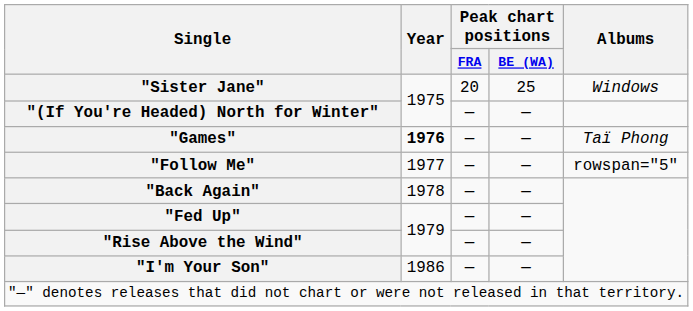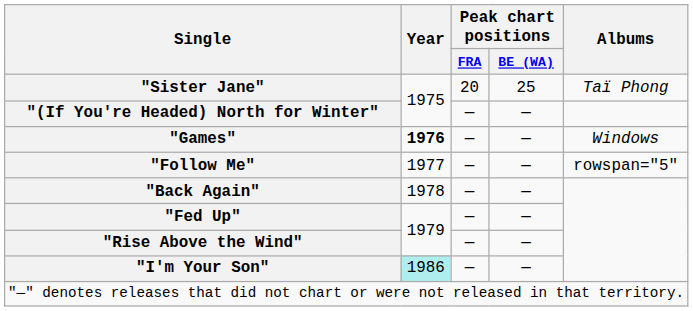 <table class="wikitable plainrowheaders" style="text-align:center;">
 <tr>
 <th rowspan="2">Single</th>
 <th rowspan="2">Year</th>
 <th colspan="2">Peak chart<br>positions</th>
 <th rowspan="2">Albums</th>
 </tr>
 <tr>
 <th><small><a href='#'>FRA</a></small><br></th>
 <th><small><a href='#'>BE (WA)</a></small><br></th>
 </tr>
 <tr>
 <th scope="row">"Sister Jane"</th>
 <td rowspan="2">1975</td>
 <td>20</td>
 <td>25</td>
-<td><em>Windows</em></td>
+<td><em>Taï Phong</em></td>
 </tr>
 <tr>
 <th scope="row">"(If You're Headed) North for Winter"</th>
 <td>—</td>
 <td>—</td>
 <td></td>
 </tr>
 <tr>
 <th scope="row">"Games"</th>
 <td><strong>1976</strong></td>
 <td>—</td>
 <td>—</td>
-<td><em>Taï Phong</em></td>
+<td><em>Windows</em></td>
 </tr>
 <tr>
 <th scope="row">"Follow Me"</th>
 <td>1977</td>
 <td>—</td>
 <td>—</td>
 <td>rowspan="5" </td>
 </tr>
 <tr>
 <th scope="row">"Back Again"</th>
 <td>1978</td>
 <td>—</td>
 <td>—</td>
 </tr>
 <tr>
 <th scope="row">"Fed Up"</th>
 <td rowspan="2">1979</td>
 <td>—</td>
 <td>—</td>
 </tr>
 <tr>
 <th scope="row">"Rise Above the Wind"</th>
 <td>—</td>
 <td>—</td>
 </tr>
 <tr>
 <th scope="row">"I'm Your Son"</th>
-<td>1986</td>
+<td style="background: paleturquoise;">1986</td>
 <td>—</td>
 <td>—</td>
 </tr>
 <tr>
 <td colspan="5" style="font-size:90%">"—" denotes releases that did not chart or were not released in that territory.</td>
 </tr>
 </table>
